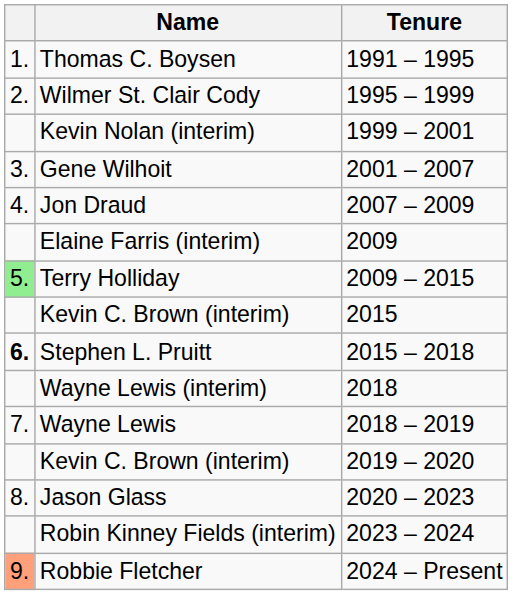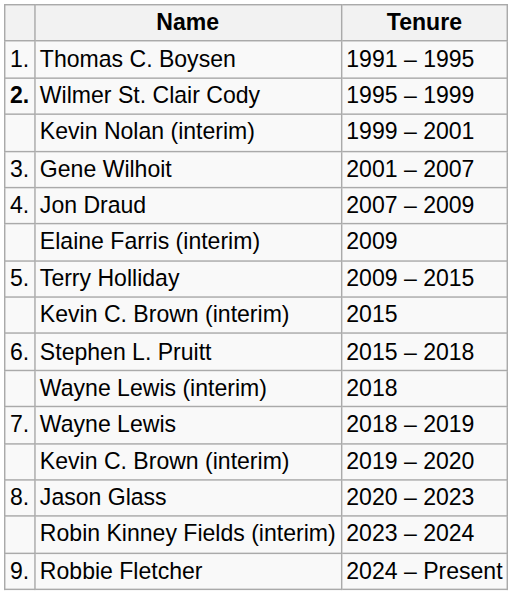 <table class="wikitable">
 <tr>
 <th></th>
 <th>Name</th>
 <th>Tenure</th>
 </tr>
 <tr>
 <td>1.</td>
 <td>Thomas C. Boysen</td>
 <td>1991 – 1995</td>
 </tr>
 <tr>
-<td>2.</td>
+<td><strong>2.</strong></td>
 <td>Wilmer St. Clair Cody</td>
 <td>1995 – 1999</td>
 </tr>
 <tr>
 <td></td>
 <td>Kevin Nolan (interim)</td>
 <td>1999 – 2001</td>
 </tr>
 <tr>
 <td>3.</td>
 <td>Gene Wilhoit</td>
 <td>2001 – 2007</td>
 </tr>
 <tr>
 <td>4.</td>
 <td>Jon Draud</td>
 <td>2007 – 2009</td>
 </tr>
 <tr>
 <td></td>
 <td>Elaine Farris (interim)</td>
 <td>2009</td>
 </tr>
 <tr>
-<td style="background: lightgreen;">5.</td>
+<td>5.</td>
 <td>Terry Holliday</td>
 <td>2009 – 2015</td>
 </tr>
 <tr>
 <td></td>
 <td>Kevin C. Brown (interim)</td>
 <td>2015</td>
 </tr>
 <tr>
-<td><strong>6.</strong></td>
+<td>6.</td>
 <td>Stephen L. Pruitt</td>
 <td>2015 – 2018</td>
 </tr>
 <tr>
 <td></td>
 <td>Wayne Lewis (interim)</td>
 <td>2018</td>
 </tr>
 <tr>
 <td>7.</td>
 <td>Wayne Lewis</td>
 <td>2018 – 2019</td>
 </tr>
 <tr>
 <td></td>
 <td>Kevin C. Brown (interim)</td>
 <td>2019 – 2020</td>
 </tr>
 <tr>
 <td>8.</td>
 <td>Jason Glass</td>
 <td>2020 – 2023</td>
 </tr>
 <tr>
 <td></td>
 <td>Robin Kinney Fields (interim)</td>
 <td>2023 – 2024</td>
 </tr>
 <tr>
-<td style="background: lightsalmon;">9.</td>
+<td>9.</td>
 <td>Robbie Fletcher</td>
 <td>2024 – Present</td>
 </tr>
 </table>
